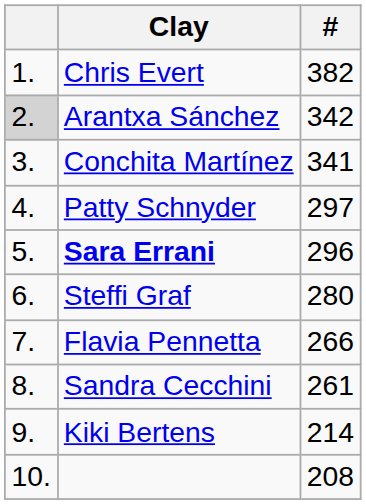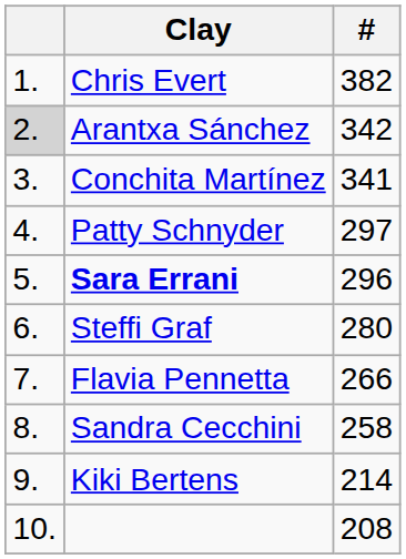 <table class="wikitable" style="display:inline-table">
 <tr>
 <th></th>
 <th>Clay</th>
 <th>#</th>
 </tr>
 <tr>
 <td>1.</td>
 <td> <a href='#'>Chris Evert</a></td>
 <td>382</td>
 </tr>
 <tr>
 <td style="background: lightgrey;">2.</td>
 <td> <a href='#'>Arantxa Sánchez</a></td>
 <td>342</td>
 </tr>
 <tr>
 <td>3.</td>
 <td> <a href='#'>Conchita Martínez</a></td>
 <td>341</td>
 </tr>
 <tr>
 <td>4.</td>
 <td> <a href='#'>Patty Schnyder</a></td>
 <td>297</td>
 </tr>
 <tr>
 <td>5.</td>
 <td> <strong><a href='#'>Sara Errani</a></strong></td>
 <td>296</td>
 </tr>
 <tr>
 <td>6.</td>
 <td> <a href='#'>Steffi Graf</a></td>
 <td>280</td>
 </tr>
 <tr>
 <td>7.</td>
 <td> <a href='#'>Flavia Pennetta</a></td>
 <td>266</td>
 </tr>
 <tr>
 <td>8.</td>
 <td> <a href='#'>Sandra Cecchini</a></td>
-<td>261</td>
+<td>258</td>
 </tr>
 <tr>
 <td>9.</td>
 <td> <a href='#'>Kiki Bertens</a></td>
 <td>214</td>
 </tr>
 <tr>
 <td>10.</td>
 <td></td>
 <td>208</td>
 </tr>
 </table>
